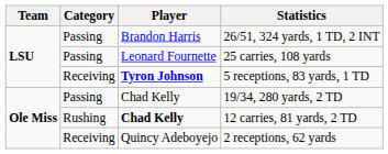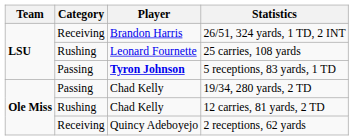 <table class="wikitable" style="float: right;">
 <tr>
 <th>Team</th>
 <th>Category</th>
 <th>Player</th>
 <th>Statistics</th>
 </tr>
 <tr>
 <td rowspan=3><strong>LSU</strong></td>
-<td>Passing</td>
+<td>Receiving</td>
 <td><a href='#'>Brandon Harris</a></td>
 <td>26/51, 324 yards, 1 TD, 2 INT</td>
 </tr>
 <tr>
-<td>Passing</td>
+<td>Rushing</td>
 <td><a href='#'>Leonard Fournette</a></td>
 <td>25 carries, 108 yards</td>
 </tr>
 <tr>
-<td>Receiving</td>
+<td>Passing</td>
 <td><strong><a href='#'>Tyron Johnson</a></strong></td>
 <td>5 receptions, 83 yards, 1 TD</td>
 </tr>
 <tr>
 <td rowspan=3><strong>Ole Miss</strong></td>
 <td>Passing</td>
 <td>Chad Kelly</td>
 <td>19/34, 280 yards, 2 TD</td>
 </tr>
 <tr>
 <td>Rushing</td>
-<td><strong>Chad Kelly</strong></td>
+<td>Chad Kelly</td>
 <td>12 carries, 81 yards, 2 TD</td>
 </tr>
 <tr>
 <td>Receiving</td>
 <td>Quincy Adeboyejo</td>
 <td>2 receptions, 62 yards</td>
 </tr>
 </table>
